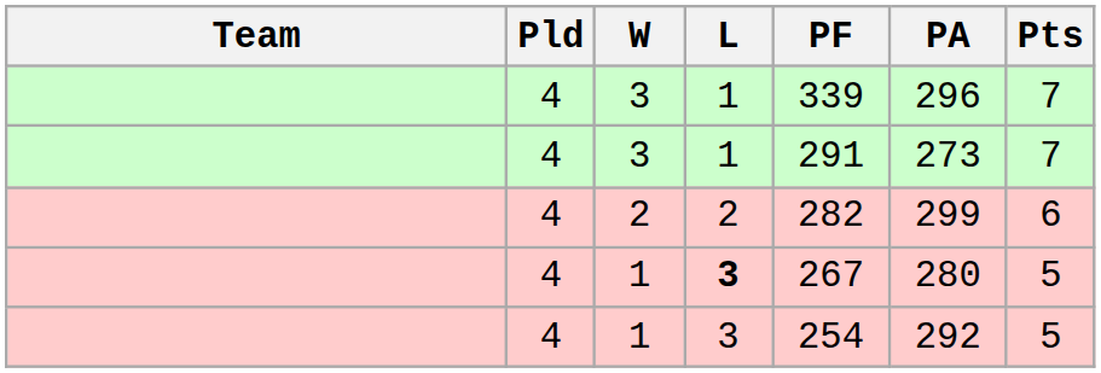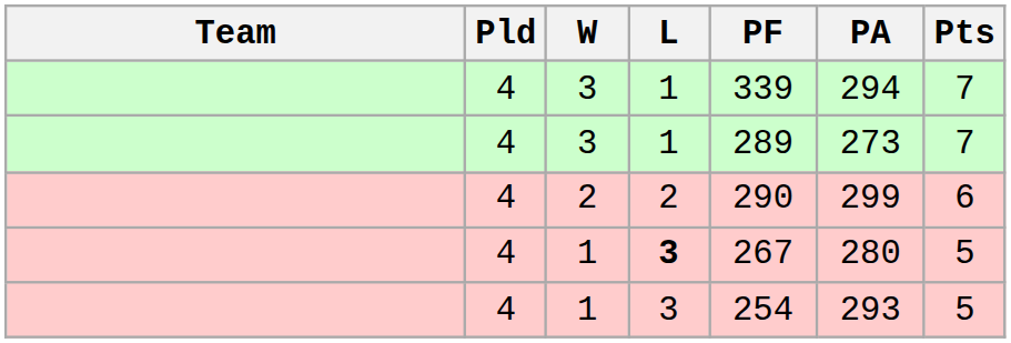 <table class="wikitable" style="text-align:center;">
 <tr>
 <th width=170>Team</th>
 <th width=25>Pld</th>
 <th width=25>W</th>
 <th width=25>L</th>
 <th width=35>PF</th>
 <th width=35>PA</th>
 <th width=25>Pts</th>
 </tr>
 <tr bgcolor=#ccffcc>
 <td align="left"></td>
 <td>4</td>
 <td>3</td>
 <td>1</td>
 <td>339</td>
-<td>296</td>
+<td>294</td>
 <td>7</td>
 </tr>
 <tr bgcolor=#ccffcc>
 <td align="left"></td>
 <td>4</td>
 <td>3</td>
 <td>1</td>
-<td>291</td>
+<td>289</td>
 <td>273</td>
 <td>7</td>
 </tr>
 <tr bgcolor=#ffcccc>
 <td align="left"></td>
 <td>4</td>
 <td>2</td>
 <td>2</td>
-<td>282</td>
+<td>290</td>
 <td>299</td>
 <td>6</td>
 </tr>
 <tr bgcolor=#ffcccc>
 <td align="left"></td>
 <td>4</td>
 <td>1</td>
 <td><strong>3</strong></td>
 <td>267</td>
 <td>280</td>
 <td>5</td>
 </tr>
 <tr bgcolor=#ffcccc>
 <td align="left"></td>
 <td>4</td>
 <td>1</td>
 <td>3</td>
 <td>254</td>
-<td>292</td>
+<td>293</td>
 <td>5</td>
 </tr>
 </table>
